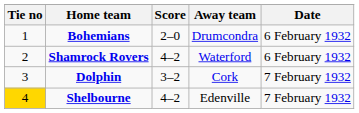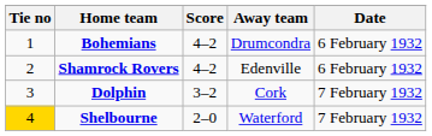 <table class="wikitable" style="text-align: center">
 <tr>
 </tr>
 <tr>
 <th>Tie no</th>
 <th>Home team</th>
 <th>Score</th>
 <th>Away team</th>
 <th>Date</th>
 </tr>
 <tr>
 <td>1</td>
 <td><strong><a href='#'>Bohemians</a></strong></td>
-<td>2–0</td>
+<td>4–2</td>
 <td><a href='#'>Drumcondra</a></td>
 <td>6 February <a href='#'>1932</a></td>
 </tr>
 <tr>
 <td>2</td>
 <td><strong><a href='#'>Shamrock Rovers</a></strong></td>
 <td>4–2</td>
-<td><a href='#'>Waterford</a></td>
+<td>Edenville</td>
 <td>6 February <a href='#'>1932</a></td>
 </tr>
 <tr>
 <td>3</td>
 <td><strong><a href='#'>Dolphin</a></strong></td>
 <td>3–2</td>
 <td><a href='#'>Cork</a></td>
 <td>7 February <a href='#'>1932</a></td>
 </tr>
 <tr>
 <td style="background: gold;">4</td>
 <td><strong><a href='#'>Shelbourne</a></strong></td>
-<td>4–2</td>
-<td>Edenville</td>
+<td>2–0</td>
+<td><a href='#'>Waterford</a></td>
 <td>7 February <a href='#'>1932</a></td>
 </tr>
 </table>
